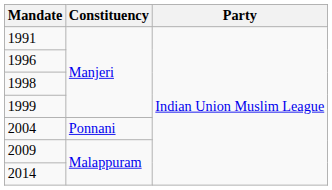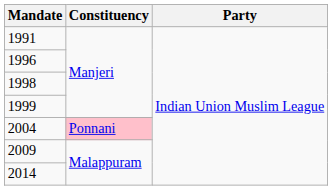 <table class="wikitable">
 <tr>
 <th>Mandate</th>
 <th>Constituency</th>
 <th>Party</th>
 </tr>
 <tr>
 <td>1991</td>
 <td rowspan="4"><a href='#'>Manjeri</a></td>
 <td rowspan="7"><a href='#'>Indian Union Muslim League</a></td>
 </tr>
 <tr>
 <td>1996</td>
 </tr>
 <tr>
 <td>1998</td>
 </tr>
 <tr>
 <td>1999</td>
 </tr>
 <tr>
 <td>2004</td>
-<td><a href='#'>Ponnani</a></td>
+<td style="background: pink;"><a href='#'>Ponnani</a></td>
 </tr>
 <tr>
 <td>2009</td>
 <td rowspan="2"><a href='#'>Malappuram</a></td>
 </tr>
 <tr>
 <td>2014</td>
 </tr>
 </table>
